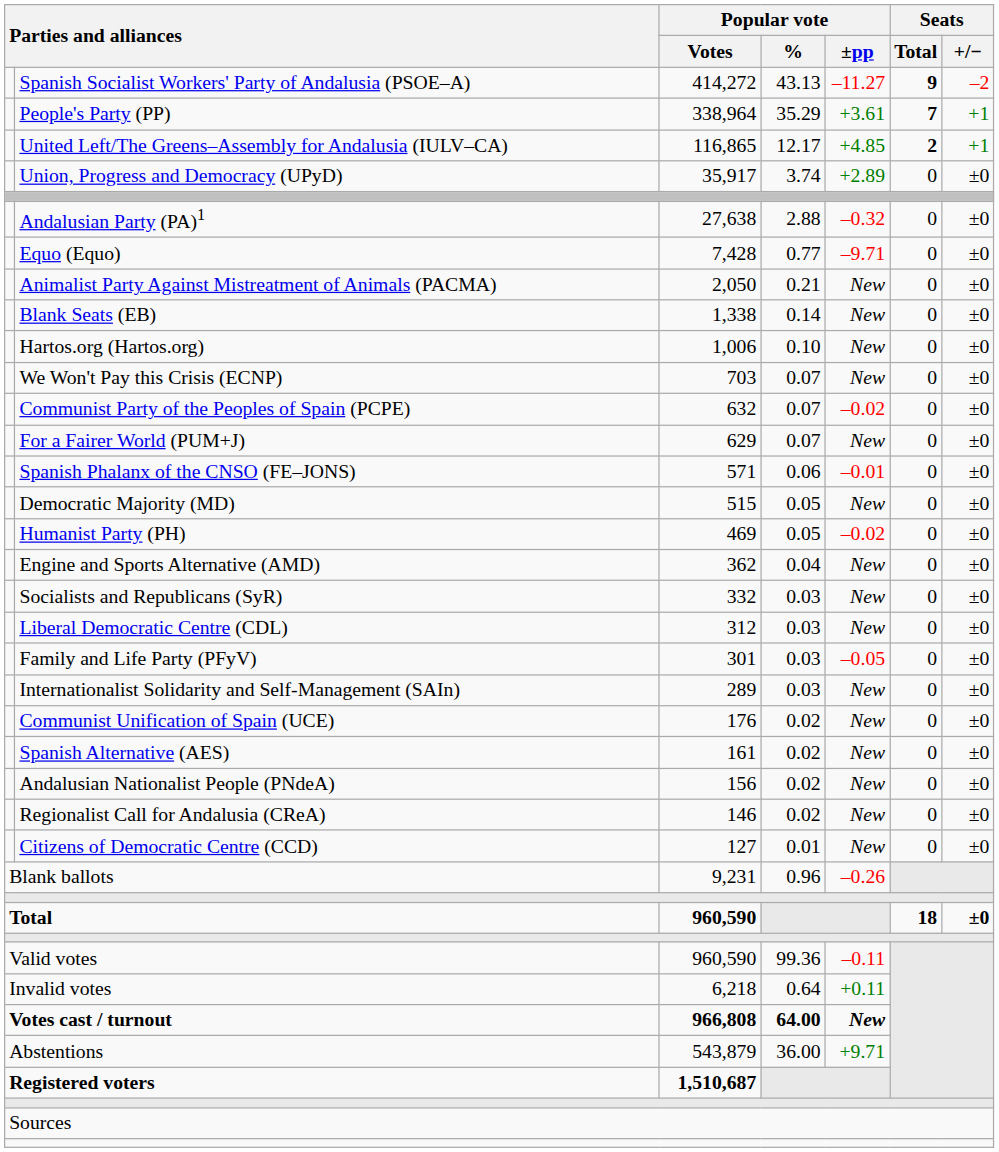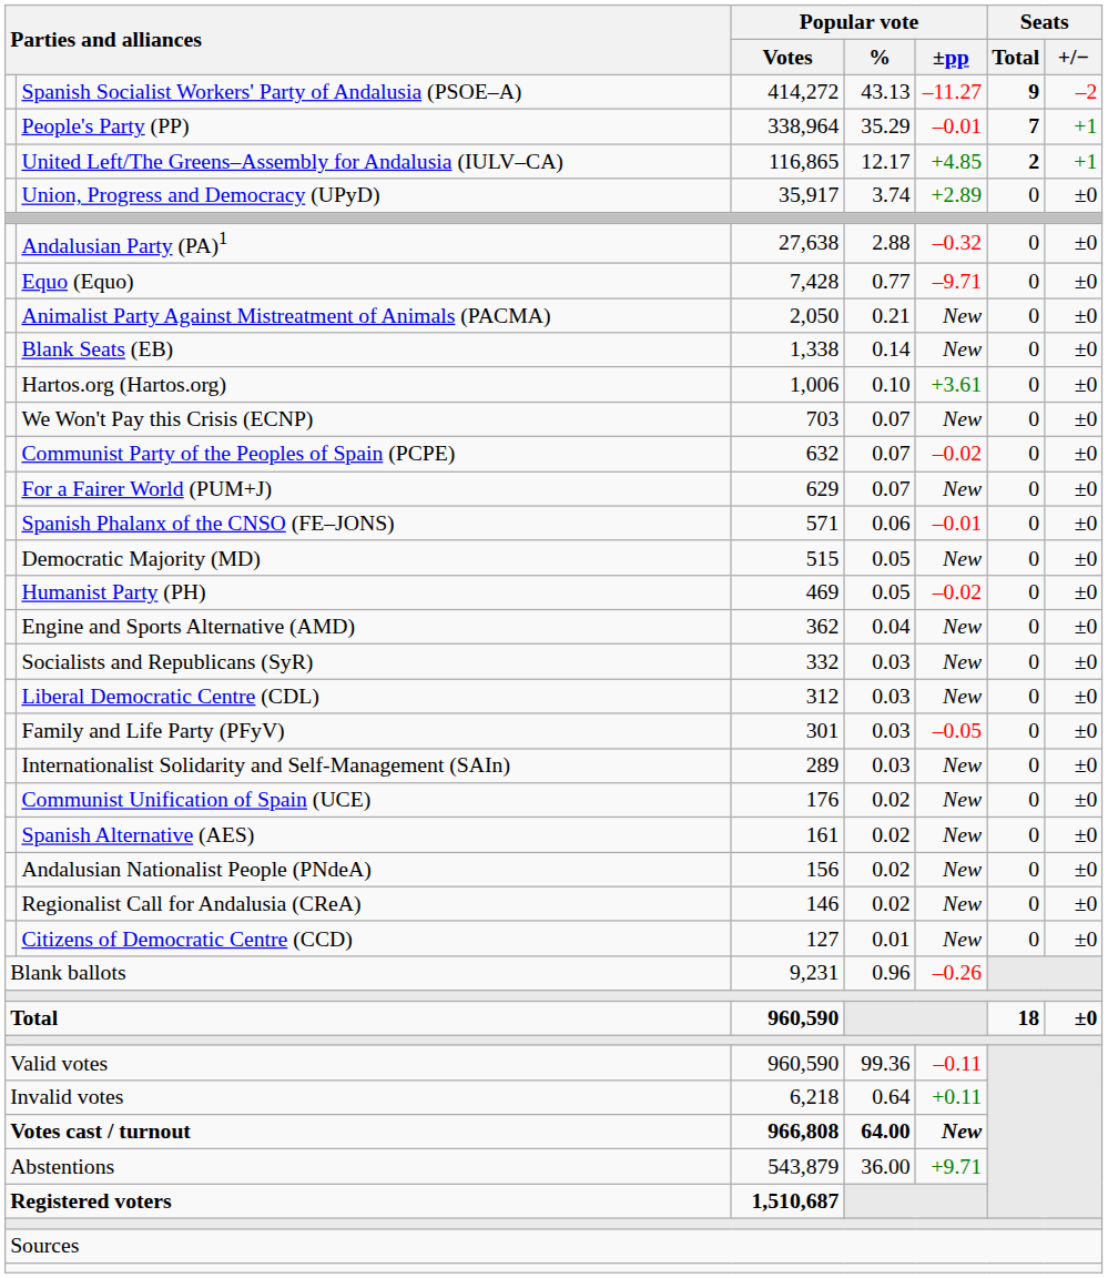 <table class="wikitable" style="text-align:right;">
 <tr>
 <th style="text-align:left;" rowspan="2" colspan="2" width="525">Parties and alliances</th>
 <th colspan="3">Popular vote</th>
 <th colspan="2">Seats</th>
 </tr>
 <tr>
 <th width="75">Votes</th>
 <th width="45">%</th>
 <th width="45">±<a href='#'>pp</a></th>
 <th width="35">Total</th>
 <th width="35">+/−</th>
 </tr>
 <tr>
 <td width="1" style="color:inherit;background:"></td>
 <td align="left"><a href='#'>Spanish Socialist Workers' Party of Andalusia</a> (PSOE–A)</td>
 <td>414,272</td>
 <td>43.13</td>
 <td style="color:red;">–11.27</td>
 <td><strong>9</strong></td>
 <td style="color:red;">–2</td>
 </tr>
 <tr>
 <td style="color:inherit;background:"></td>
 <td align="left"><a href='#'>People's Party</a> (PP)</td>
 <td>338,964</td>
 <td>35.29</td>
-<td style="color:green;">+3.61</td>
+<td style="color:red;">–0.01</td>
 <td><strong>7</strong></td>
 <td style="color:green;">+1</td>
 </tr>
 <tr>
 <td style="color:inherit;background:"></td>
 <td align="left"><a href='#'>United Left/The Greens–Assembly for Andalusia</a> (IULV–CA)</td>
 <td>116,865</td>
 <td>12.17</td>
 <td style="color:green;">+4.85</td>
 <td><strong>2</strong></td>
 <td style="color:green;">+1</td>
 </tr>
 <tr>
 <td style="color:inherit;background:"></td>
 <td align="left"><a href='#'>Union, Progress and Democracy</a> (UPyD)</td>
 <td>35,917</td>
 <td>3.74</td>
 <td style="color:green;">+2.89</td>
 <td>0</td>
 <td>±0</td>
 </tr>
 <tr>
 <td colspan="7" bgcolor="#C0C0C0"></td>
 </tr>
 <tr>
 <td style="color:inherit;background:"></td>
 <td align="left"><a href='#'>Andalusian Party</a> (PA)<sup>1</sup></td>
 <td>27,638</td>
 <td>2.88</td>
 <td style="color:red;">–0.32</td>
 <td>0</td>
 <td>±0</td>
 </tr>
 <tr>
 <td style="color:inherit;background:"></td>
 <td align="left"><a href='#'>Equo</a> (Equo)</td>
 <td>7,428</td>
 <td>0.77</td>
 <td style="color:red;">–9.71</td>
 <td>0</td>
 <td>±0</td>
 </tr>
 <tr>
 <td style="color:inherit;background:"></td>
 <td align="left"><a href='#'>Animalist Party Against Mistreatment of Animals</a> (PACMA)</td>
 <td>2,050</td>
 <td>0.21</td>
 <td><em>New</em></td>
 <td>0</td>
 <td>±0</td>
 </tr>
 <tr>
 <td style="color:inherit;background:"></td>
 <td align="left"><a href='#'>Blank Seats</a> (EB)</td>
 <td>1,338</td>
 <td>0.14</td>
 <td><em>New</em></td>
 <td>0</td>
 <td>±0</td>
 </tr>
 <tr>
 <td style="color:inherit;background:"></td>
 <td align="left">Hartos.org (Hartos.org)</td>
 <td>1,006</td>
 <td>0.10</td>
-<td><em>New</em></td>
+<td style="color:green;">+3.61</td>
 <td>0</td>
 <td>±0</td>
 </tr>
 <tr>
 <td style="color:inherit;background:"></td>
 <td align="left">We Won't Pay this Crisis (ECNP)</td>
 <td>703</td>
 <td>0.07</td>
 <td><em>New</em></td>
 <td>0</td>
 <td>±0</td>
 </tr>
 <tr>
 <td style="color:inherit;background:"></td>
 <td align="left"><a href='#'>Communist Party of the Peoples of Spain</a> (PCPE)</td>
 <td>632</td>
 <td>0.07</td>
 <td style="color:red;">–0.02</td>
 <td>0</td>
 <td>±0</td>
 </tr>
 <tr>
 <td style="color:inherit;background:"></td>
 <td align="left"><a href='#'>For a Fairer World</a> (PUM+J)</td>
 <td>629</td>
 <td>0.07</td>
 <td><em>New</em></td>
 <td>0</td>
 <td>±0</td>
 </tr>
 <tr>
 <td style="color:inherit;background:"></td>
 <td align="left"><a href='#'>Spanish Phalanx of the CNSO</a> (FE–JONS)</td>
 <td>571</td>
 <td>0.06</td>
 <td style="color:red;">–0.01</td>
 <td>0</td>
 <td>±0</td>
 </tr>
 <tr>
 <td style="color:inherit;background:"></td>
 <td align="left">Democratic Majority (MD)</td>
 <td>515</td>
 <td>0.05</td>
 <td><em>New</em></td>
 <td>0</td>
 <td>±0</td>
 </tr>
 <tr>
 <td style="color:inherit;background:"></td>
 <td align="left"><a href='#'>Humanist Party</a> (PH)</td>
 <td>469</td>
 <td>0.05</td>
 <td style="color:red;">–0.02</td>
 <td>0</td>
 <td>±0</td>
 </tr>
 <tr>
 <td style="color:inherit;background:"></td>
 <td align="left">Engine and Sports Alternative (AMD)</td>
 <td>362</td>
 <td>0.04</td>
 <td><em>New</em></td>
 <td>0</td>
 <td>±0</td>
 </tr>
 <tr>
 <td style="color:inherit;background:"></td>
 <td align="left">Socialists and Republicans (SyR)</td>
 <td>332</td>
 <td>0.03</td>
 <td><em>New</em></td>
 <td>0</td>
 <td>±0</td>
 </tr>
 <tr>
 <td style="color:inherit;background:"></td>
 <td align="left"><a href='#'>Liberal Democratic Centre</a> (CDL)</td>
 <td>312</td>
 <td>0.03</td>
 <td><em>New</em></td>
 <td>0</td>
 <td>±0</td>
 </tr>
 <tr>
 <td style="color:inherit;background:"></td>
 <td align="left">Family and Life Party (PFyV)</td>
 <td>301</td>
 <td>0.03</td>
 <td style="color:red;">–0.05</td>
 <td>0</td>
 <td>±0</td>
 </tr>
 <tr>
 <td style="color:inherit;background:"></td>
 <td align="left">Internationalist Solidarity and Self-Management (SAIn)</td>
 <td>289</td>
 <td>0.03</td>
 <td><em>New</em></td>
 <td>0</td>
 <td>±0</td>
 </tr>
 <tr>
 <td style="color:inherit;background:"></td>
 <td align="left"><a href='#'>Communist Unification of Spain</a> (UCE)</td>
 <td>176</td>
 <td>0.02</td>
 <td><em>New</em></td>
 <td>0</td>
 <td>±0</td>
 </tr>
 <tr>
 <td style="color:inherit;background:"></td>
 <td align="left"><a href='#'>Spanish Alternative</a> (AES)</td>
 <td>161</td>
 <td>0.02</td>
 <td><em>New</em></td>
 <td>0</td>
 <td>±0</td>
 </tr>
 <tr>
 <td style="color:inherit;background:"></td>
 <td align="left">Andalusian Nationalist People (PNdeA)</td>
 <td>156</td>
 <td>0.02</td>
 <td><em>New</em></td>
 <td>0</td>
 <td>±0</td>
 </tr>
 <tr>
 <td style="color:inherit;background:"></td>
 <td align="left">Regionalist Call for Andalusia (CReA)</td>
 <td>146</td>
 <td>0.02</td>
 <td><em>New</em></td>
 <td>0</td>
 <td>±0</td>
 </tr>
 <tr>
 <td style="color:inherit;background:"></td>
 <td align="left"><a href='#'>Citizens of Democratic Centre</a> (CCD)</td>
 <td>127</td>
 <td>0.01</td>
 <td><em>New</em></td>
 <td>0</td>
 <td>±0</td>
 </tr>
 <tr>
 <td align="left" colspan="2">Blank ballots</td>
 <td>9,231</td>
 <td>0.96</td>
 <td style="color:red;">–0.26</td>
 <td bgcolor="#E9E9E9" colspan="2"></td>
 </tr>
 <tr>
 <td colspan="7" bgcolor="#E9E9E9"></td>
 </tr>
 <tr style="font-weight:bold;">
 <td align="left" colspan="2">Total</td>
 <td>960,590</td>
 <td bgcolor="#E9E9E9" colspan="2"></td>
 <td>18</td>
 <td>±0</td>
 </tr>
 <tr>
 <td colspan="7" bgcolor="#E9E9E9"></td>
 </tr>
 <tr>
 <td align="left" colspan="2">Valid votes</td>
 <td>960,590</td>
 <td>99.36</td>
 <td style="color:red;">–0.11</td>
 <td bgcolor="#E9E9E9" colspan="2" rowspan="5"></td>
 </tr>
 <tr>
 <td align="left" colspan="2">Invalid votes</td>
 <td>6,218</td>
 <td>0.64</td>
 <td style="color:green;">+0.11</td>
 </tr>
 <tr style="font-weight:bold;">
 <td align="left" colspan="2">Votes cast / turnout</td>
 <td>966,808</td>
 <td>64.00</td>
 <td><em>New</em></td>
 </tr>
 <tr>
 <td align="left" colspan="2">Abstentions</td>
 <td>543,879</td>
 <td>36.00</td>
 <td style="color:green;">+9.71</td>
 </tr>
 <tr style="font-weight:bold;">
 <td align="left" colspan="2">Registered voters</td>
 <td>1,510,687</td>
 <td bgcolor="#E9E9E9" colspan="2"></td>
 </tr>
 <tr>
 <td colspan="7" bgcolor="#E9E9E9"></td>
 </tr>
 <tr>
 <td align="left" colspan="7">Sources</td>
 </tr>
 <tr>
 <td colspan="7" style="text-align:left; max-width:790px;"></td>
 </tr>
 </table>
